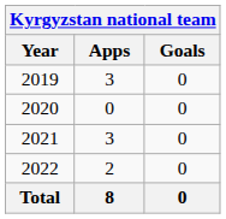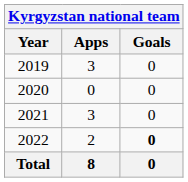 <table class="wikitable" style="text-align:center">
 <tr>
 <th colspan=3><a href='#'>Kyrgyzstan national team</a></th>
 </tr>
 <tr>
 <th>Year</th>
 <th>Apps</th>
 <th>Goals</th>
 </tr>
 <tr>
 <td>2019</td>
 <td>3</td>
 <td>0</td>
 </tr>
 <tr>
 <td>2020</td>
 <td>0</td>
 <td>0</td>
 </tr>
 <tr>
 <td>2021</td>
 <td>3</td>
 <td>0</td>
 </tr>
 <tr>
 <td>2022</td>
 <td>2</td>
-<td>0</td>
+<td><strong>0</strong></td>
 </tr>
 <tr>
 <th>Total</th>
 <th>8</th>
 <th>0</th>
 </tr>
 </table>
